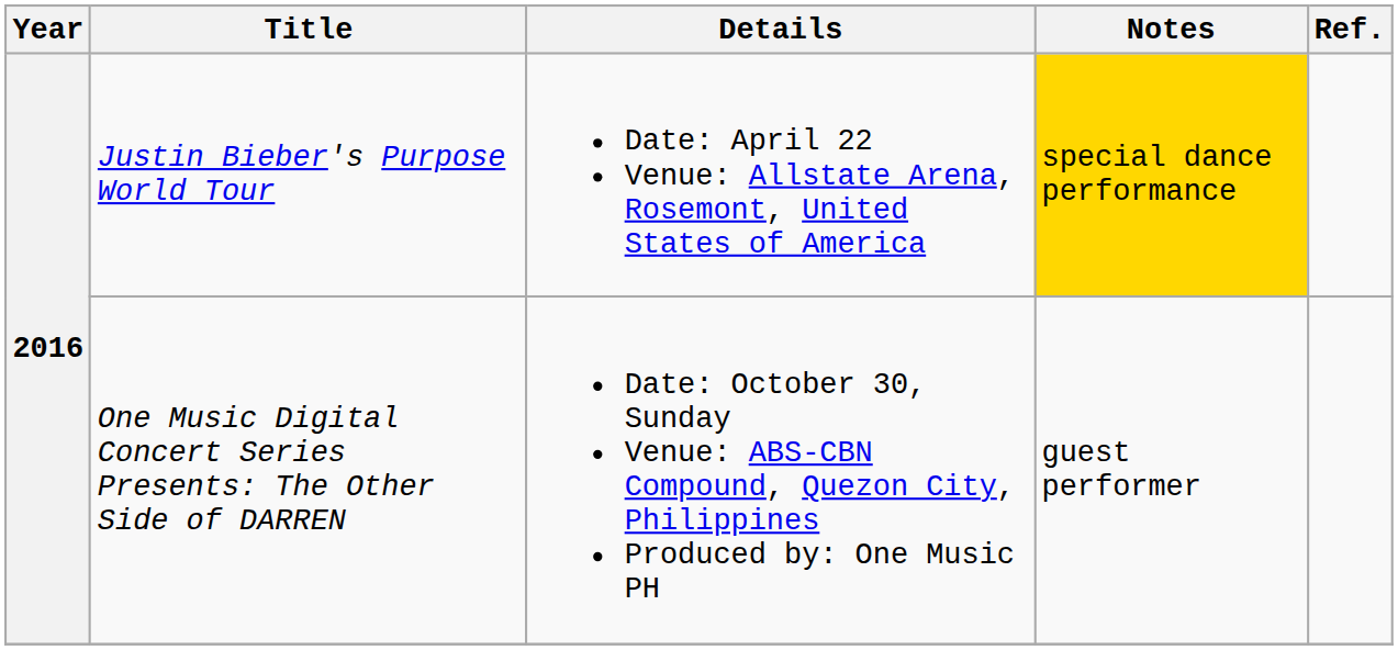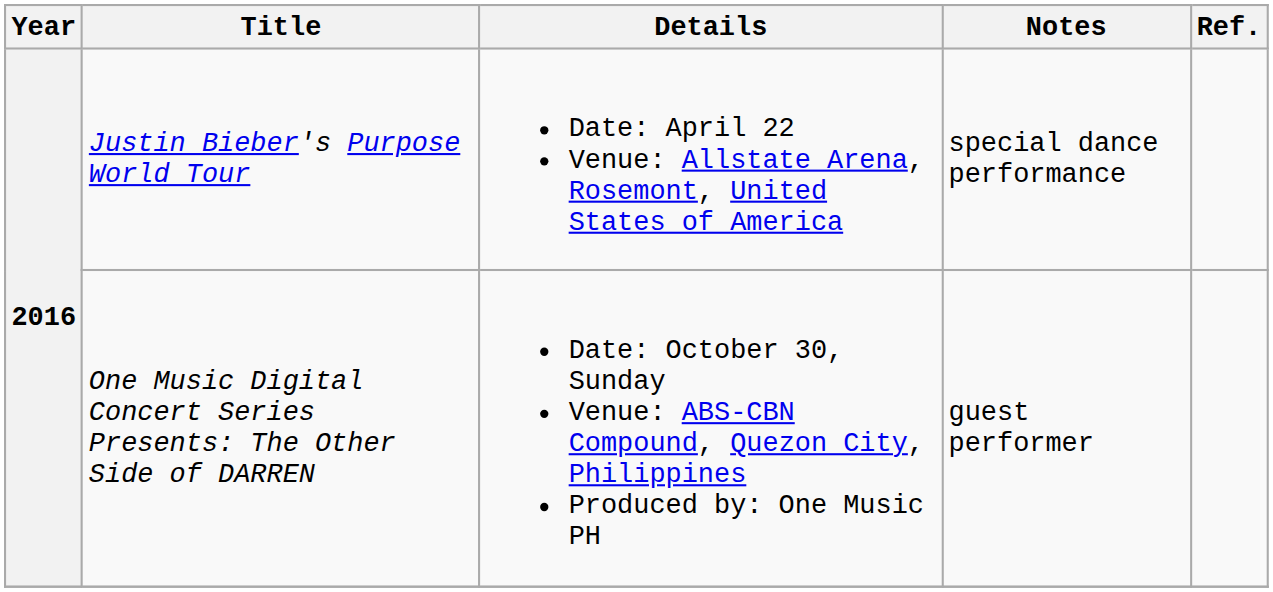 <table class="wikitable sortable">
 <tr>
 <th>Year</th>
 <th>Title</th>
 <th>Details</th>
 <th>Notes</th>
 <th>Ref.</th>
 </tr>
 <tr>
 <th rowspan="2">2016</th>
 <td><em><a href='#'>Justin Bieber</a>'s <a href='#'>Purpose World Tour</a></em></td>
 <td><br><ul><li>Date: April 22</li><li>Venue: <a href='#'>Allstate Arena</a>, <a href='#'>Rosemont</a>, <a href='#'>United States of America</a></li></ul></td>
-<td style="background: gold;">special dance performance</td>
+<td>special dance performance</td>
 <td></td>
 </tr>
 <tr>
 <td><em>One Music Digital Concert Series Presents: The Other Side of DARREN</em></td>
 <td><br><ul><li>Date: October 30, Sunday</li><li>Venue: <a href='#'>ABS-CBN Compound</a>, <a href='#'>Quezon City</a>, <a href='#'>Philippines</a></li><li>Produced by: One Music PH</li></ul></td>
 <td>guest performer</td>
 <td></td>
 </tr>
 <tr>
 </tr>
 </table>
